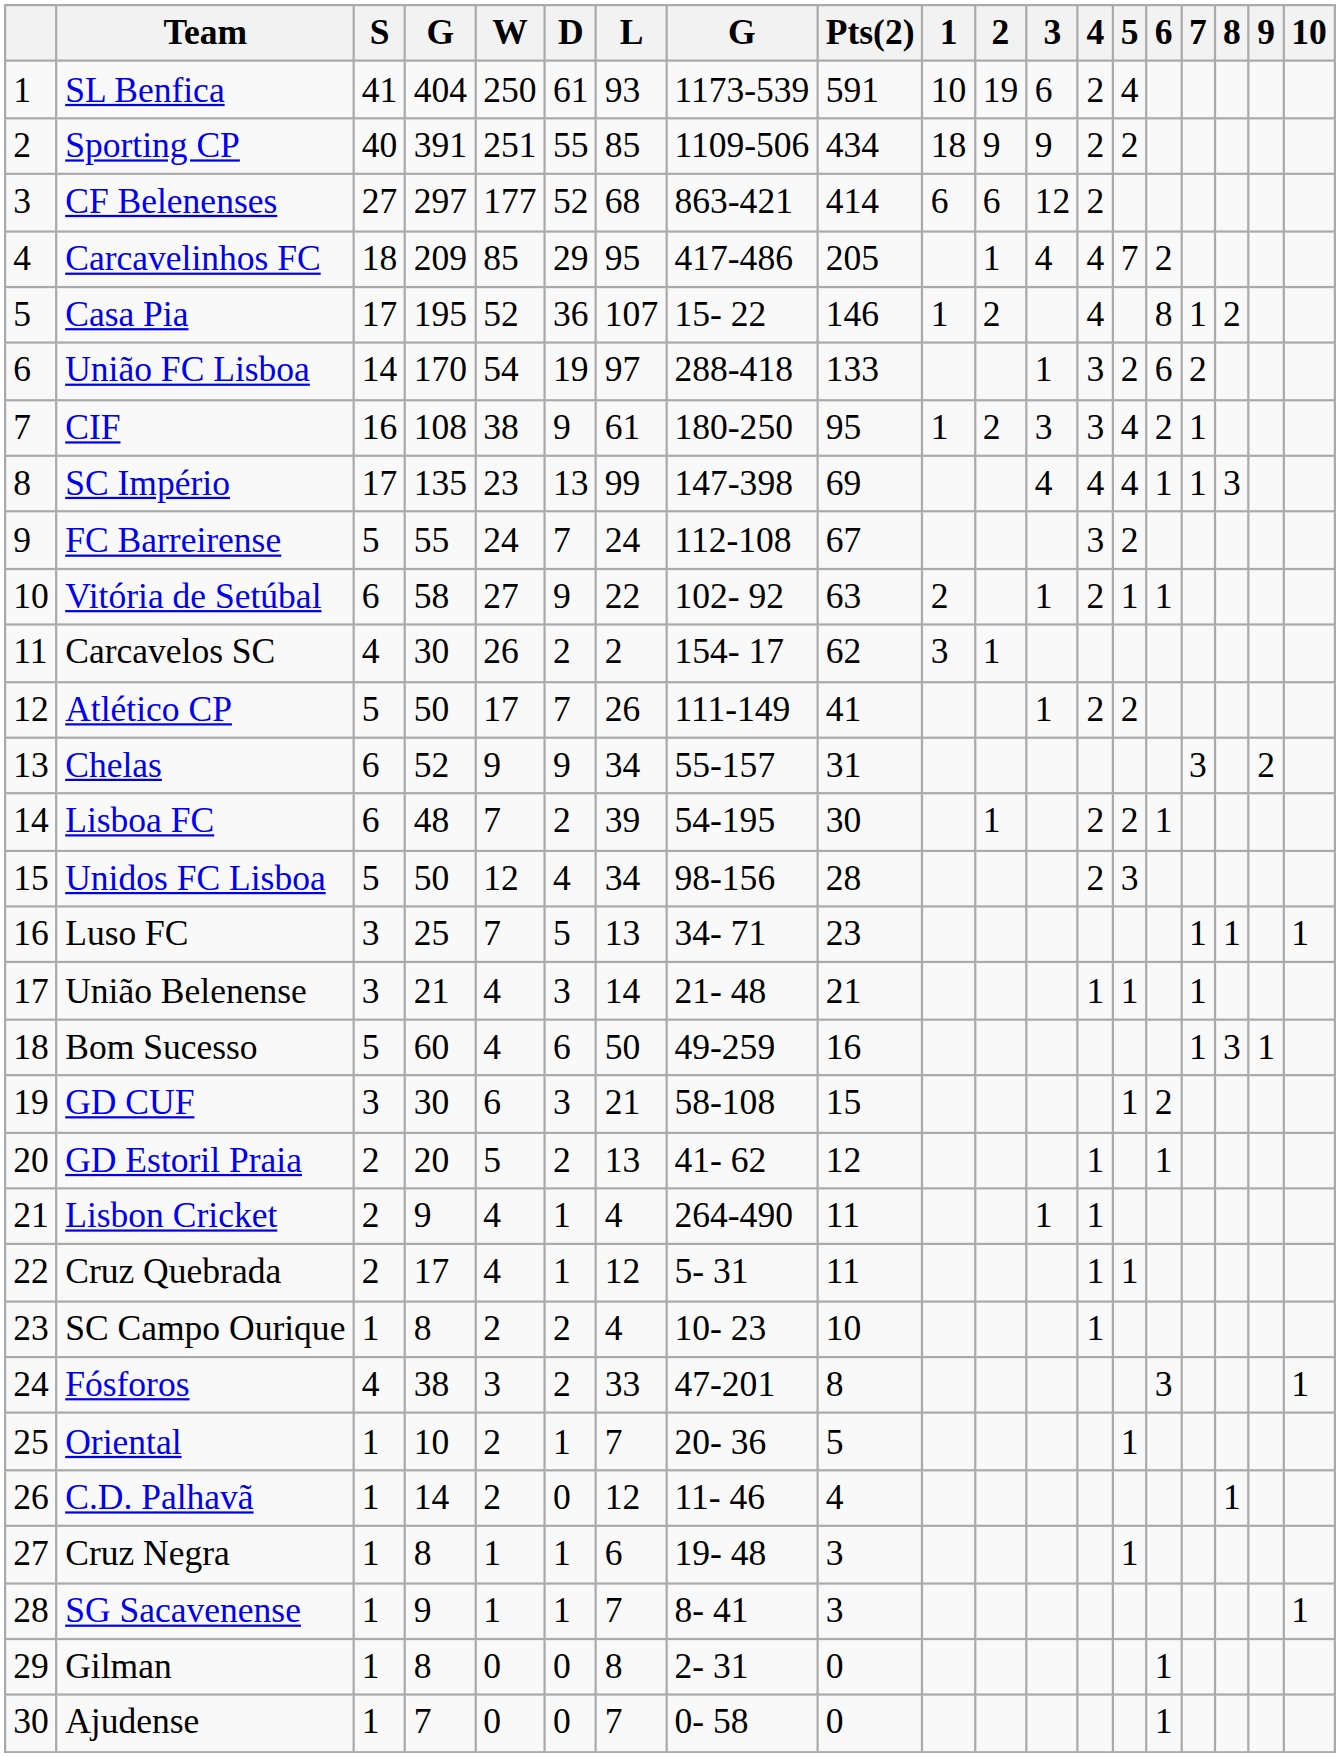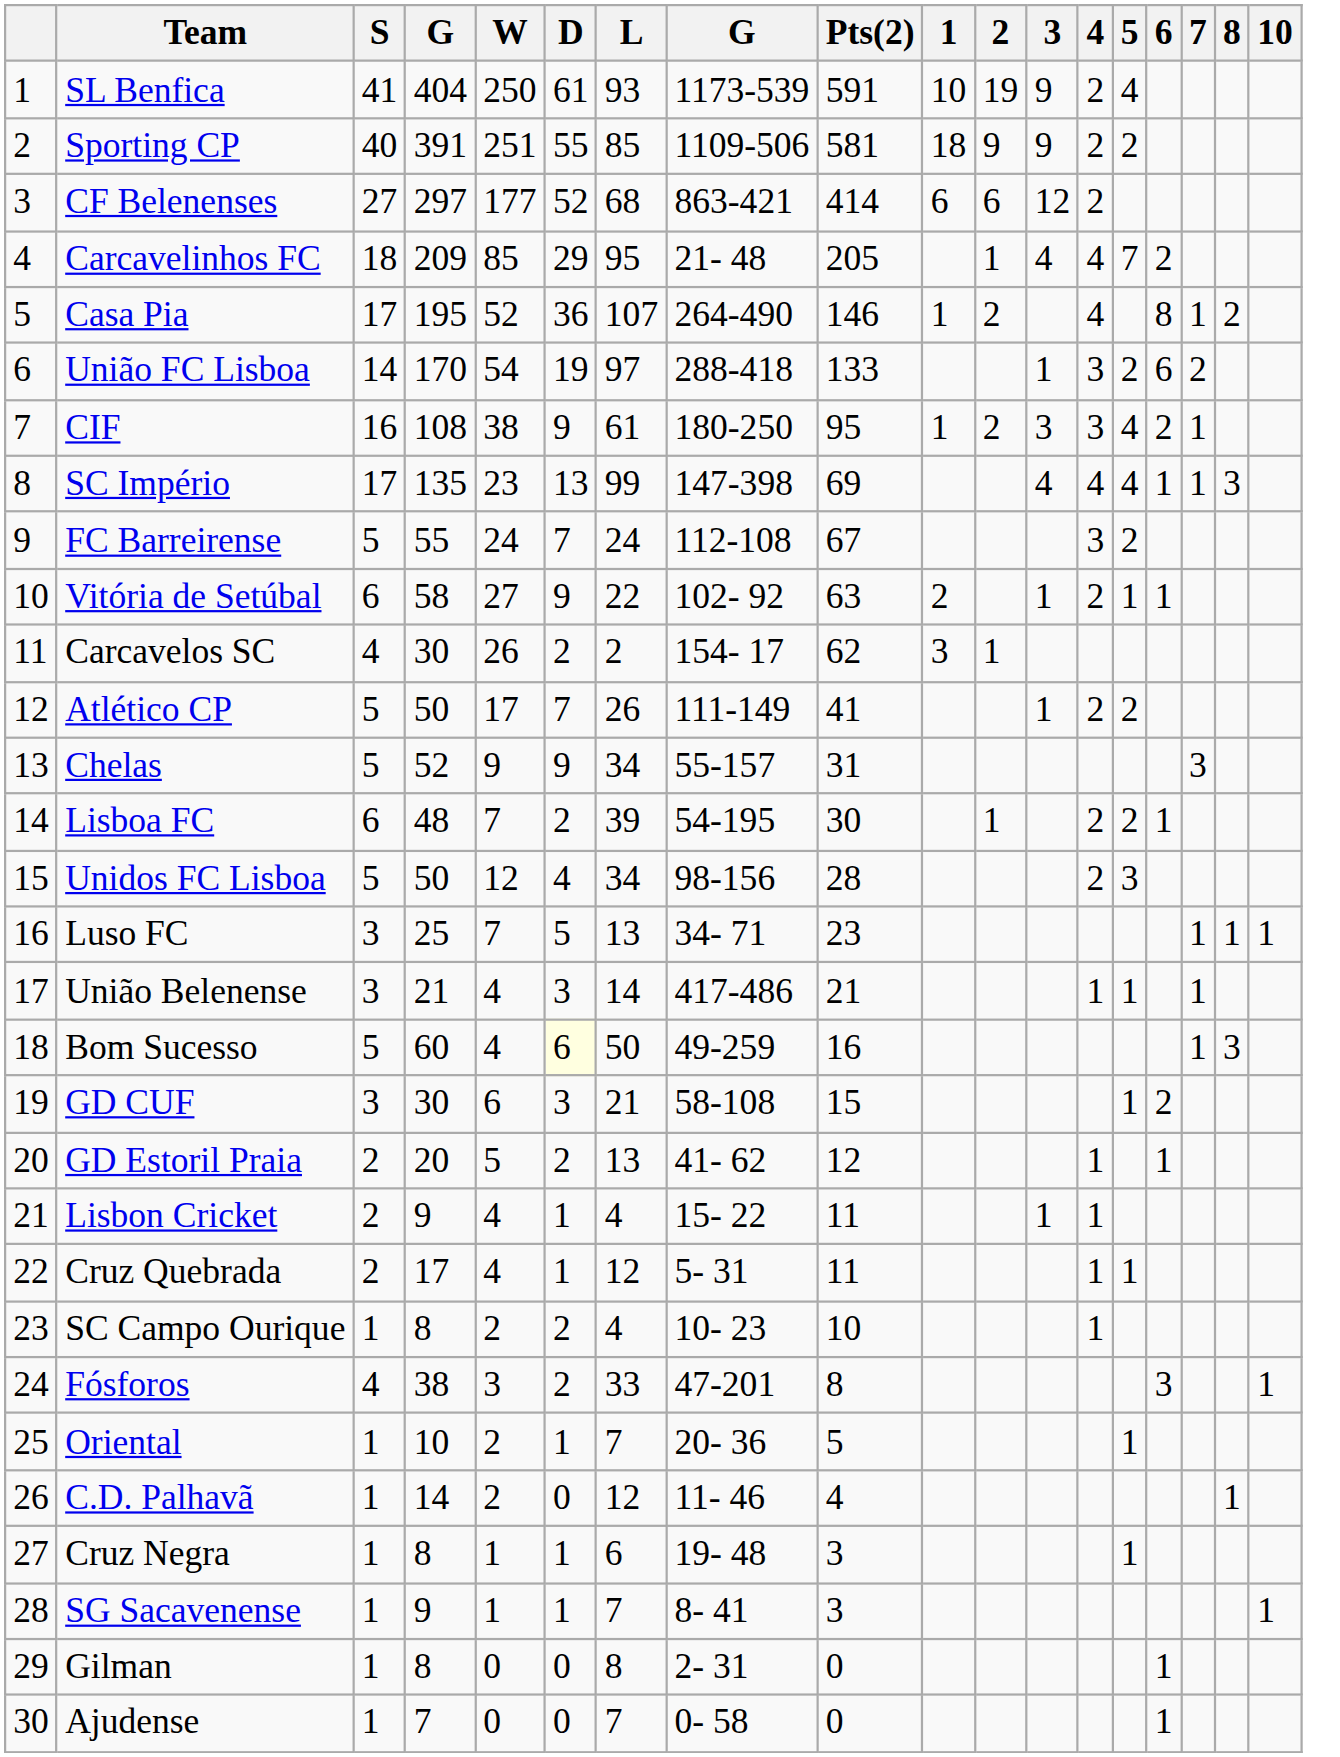 <table class="wikitable">
 <tr>
 <th></th>
 <th>Team</th>
 <th>S</th>
 <th>G</th>
 <th>W</th>
 <th>D</th>
 <th>L</th>
 <th>G</th>
 <th>Pts(2)</th>
 <th>1</th>
 <th>2</th>
 <th>3</th>
 <th>4</th>
 <th>5</th>
 <th>6</th>
 <th>7</th>
 <th>8</th>
-<th>9</th>
 <th>10</th>
 </tr>
 <tr>
 <td>1</td>
 <td><a href='#'>SL Benfica</a></td>
 <td>41</td>
 <td>404</td>
 <td>250</td>
 <td>61</td>
 <td>93</td>
 <td>1173-539</td>
 <td>591</td>
 <td>10</td>
 <td>19</td>
-<td>6</td>
+<td>9</td>
 <td>2</td>
 <td>4</td>
-<td></td>
 <td></td>
 <td></td>
 <td></td>
 <td></td>
 </tr>
 <tr>
 <td>2</td>
 <td><a href='#'>Sporting CP</a></td>
 <td>40</td>
 <td>391</td>
 <td>251</td>
 <td>55</td>
 <td>85</td>
 <td>1109-506</td>
-<td>434</td>
+<td>581</td>
 <td>18</td>
 <td>9</td>
 <td>9</td>
 <td>2</td>
 <td>2</td>
-<td></td>
 <td></td>
 <td></td>
 <td></td>
 <td></td>
 </tr>
 <tr>
 <td>3</td>
 <td><a href='#'>CF Belenenses</a></td>
 <td>27</td>
 <td>297</td>
 <td>177</td>
 <td>52</td>
 <td>68</td>
 <td>863-421</td>
 <td>414</td>
 <td>6</td>
 <td>6</td>
 <td>12</td>
 <td>2</td>
 <td></td>
 <td></td>
 <td></td>
 <td></td>
 <td></td>
-<td></td>
 </tr>
 <tr>
 <td>4</td>
 <td><a href='#'>Carcavelinhos FC</a></td>
 <td>18</td>
 <td>209</td>
 <td>85</td>
 <td>29</td>
 <td>95</td>
-<td>417-486</td>
+<td>21- 48</td>
 <td>205</td>
 <td></td>
 <td>1</td>
 <td>4</td>
 <td>4</td>
 <td>7</td>
 <td>2</td>
-<td></td>
 <td></td>
 <td></td>
 <td></td>
 </tr>
 <tr>
 <td>5</td>
 <td><a href='#'>Casa Pia</a></td>
 <td>17</td>
 <td>195</td>
 <td>52</td>
 <td>36</td>
 <td>107</td>
-<td>15- 22</td>
+<td>264-490</td>
 <td>146</td>
 <td>1</td>
 <td>2</td>
 <td></td>
 <td>4</td>
 <td></td>
 <td>8</td>
 <td>1</td>
 <td>2</td>
-<td></td>
 <td></td>
 </tr>
 <tr>
 <td>6</td>
 <td><a href='#'>União FC Lisboa</a></td>
 <td>14</td>
 <td>170</td>
 <td>54</td>
 <td>19</td>
 <td>97</td>
 <td>288-418</td>
 <td>133</td>
 <td></td>
 <td></td>
 <td>1</td>
 <td>3</td>
 <td>2</td>
 <td>6</td>
 <td>2</td>
-<td></td>
 <td></td>
 <td></td>
 </tr>
 <tr>
 <td>7</td>
 <td><a href='#'>CIF</a></td>
 <td>16</td>
 <td>108</td>
 <td>38</td>
 <td>9</td>
 <td>61</td>
 <td>180-250</td>
 <td>95</td>
 <td>1</td>
 <td>2</td>
 <td>3</td>
 <td>3</td>
 <td>4</td>
 <td>2</td>
 <td>1</td>
 <td></td>
 <td></td>
-<td></td>
 </tr>
 <tr>
 <td>8</td>
 <td><a href='#'>SC Império</a></td>
 <td>17</td>
 <td>135</td>
 <td>23</td>
 <td>13</td>
 <td>99</td>
 <td>147-398</td>
 <td>69</td>
 <td></td>
 <td></td>
 <td>4</td>
 <td>4</td>
 <td>4</td>
 <td>1</td>
 <td>1</td>
 <td>3</td>
 <td></td>
-<td></td>
 </tr>
 <tr>
 <td>9</td>
 <td><a href='#'>FC Barreirense</a></td>
 <td>5</td>
 <td>55</td>
 <td>24</td>
 <td>7</td>
 <td>24</td>
 <td>112-108</td>
 <td>67</td>
 <td></td>
 <td></td>
 <td></td>
 <td>3</td>
 <td>2</td>
-<td></td>
 <td></td>
 <td></td>
 <td></td>
 <td></td>
 </tr>
 <tr>
 <td>10</td>
 <td><a href='#'>Vitória de Setúbal</a></td>
 <td>6</td>
 <td>58</td>
 <td>27</td>
 <td>9</td>
 <td>22</td>
 <td>102- 92</td>
 <td>63</td>
 <td>2</td>
 <td></td>
 <td>1</td>
 <td>2</td>
 <td>1</td>
 <td>1</td>
 <td></td>
 <td></td>
 <td></td>
-<td></td>
 </tr>
 <tr>
 <td>11</td>
 <td>Carcavelos SC</td>
 <td>4</td>
 <td>30</td>
 <td>26</td>
 <td>2</td>
 <td>2</td>
 <td>154- 17</td>
 <td>62</td>
 <td>3</td>
 <td>1</td>
-<td></td>
 <td></td>
 <td></td>
 <td></td>
 <td></td>
 <td></td>
 <td></td>
 <td></td>
 </tr>
 <tr>
 <td>12</td>
 <td><a href='#'>Atlético CP</a></td>
 <td>5</td>
 <td>50</td>
 <td>17</td>
 <td>7</td>
 <td>26</td>
 <td>111-149</td>
 <td>41</td>
 <td></td>
 <td></td>
 <td>1</td>
 <td>2</td>
 <td>2</td>
 <td></td>
 <td></td>
 <td></td>
 <td></td>
-<td></td>
 </tr>
 <tr>
 <td>13</td>
 <td><a href='#'>Chelas</a></td>
-<td>6</td>
+<td>5</td>
 <td>52</td>
 <td>9</td>
 <td>9</td>
 <td>34</td>
 <td>55-157</td>
 <td>31</td>
 <td></td>
 <td></td>
 <td></td>
 <td></td>
 <td></td>
 <td></td>
 <td>3</td>
 <td></td>
-<td>2</td>
 <td></td>
 </tr>
 <tr>
 <td>14</td>
 <td><a href='#'>Lisboa FC</a></td>
 <td>6</td>
 <td>48</td>
 <td>7</td>
 <td>2</td>
 <td>39</td>
 <td>54-195</td>
 <td>30</td>
 <td></td>
 <td>1</td>
 <td></td>
 <td>2</td>
 <td>2</td>
 <td>1</td>
-<td></td>
 <td></td>
 <td></td>
 <td></td>
 </tr>
 <tr>
 <td>15</td>
 <td><a href='#'>Unidos FC Lisboa</a></td>
 <td>5</td>
 <td>50</td>
 <td>12</td>
 <td>4</td>
 <td>34</td>
 <td>98-156</td>
 <td>28</td>
 <td></td>
 <td></td>
 <td></td>
 <td>2</td>
 <td>3</td>
 <td></td>
 <td></td>
 <td></td>
 <td></td>
-<td></td>
 </tr>
 <tr>
 <td>16</td>
 <td>Luso FC</td>
 <td>3</td>
 <td>25</td>
 <td>7</td>
 <td>5</td>
 <td>13</td>
 <td>34- 71</td>
 <td>23</td>
 <td></td>
 <td></td>
 <td></td>
 <td></td>
 <td></td>
 <td></td>
 <td>1</td>
 <td>1</td>
-<td></td>
 <td>1</td>
 </tr>
 <tr>
 <td>17</td>
 <td>União Belenense</td>
 <td>3</td>
 <td>21</td>
 <td>4</td>
 <td>3</td>
 <td>14</td>
-<td>21- 48</td>
+<td>417-486</td>
 <td>21</td>
 <td></td>
 <td></td>
 <td></td>
 <td>1</td>
 <td>1</td>
 <td></td>
 <td>1</td>
 <td></td>
 <td></td>
-<td></td>
 </tr>
 <tr>
 <td>18</td>
 <td>Bom Sucesso</td>
 <td>5</td>
 <td>60</td>
 <td>4</td>
-<td>6</td>
+<td style="background: lightyellow;">6</td>
 <td>50</td>
 <td>49-259</td>
 <td>16</td>
 <td></td>
 <td></td>
 <td></td>
 <td></td>
 <td></td>
 <td></td>
 <td>1</td>
 <td>3</td>
-<td>1</td>
 <td></td>
 </tr>
 <tr>
 <td>19</td>
 <td><a href='#'>GD CUF</a></td>
 <td>3</td>
 <td>30</td>
 <td>6</td>
 <td>3</td>
 <td>21</td>
 <td>58-108</td>
 <td>15</td>
 <td></td>
 <td></td>
 <td></td>
 <td></td>
 <td>1</td>
 <td>2</td>
-<td></td>
 <td></td>
 <td></td>
 <td></td>
 </tr>
 <tr>
 <td>20</td>
 <td><a href='#'>GD Estoril Praia</a></td>
 <td>2</td>
 <td>20</td>
 <td>5</td>
 <td>2</td>
 <td>13</td>
 <td>41- 62</td>
 <td>12</td>
 <td></td>
 <td></td>
 <td></td>
 <td>1</td>
 <td></td>
 <td>1</td>
 <td></td>
 <td></td>
 <td></td>
-<td></td>
 </tr>
 <tr>
 <td>21</td>
 <td><a href='#'>Lisbon Cricket</a></td>
 <td>2</td>
 <td>9</td>
 <td>4</td>
 <td>1</td>
 <td>4</td>
-<td>264-490</td>
+<td>15- 22</td>
 <td>11</td>
 <td></td>
 <td></td>
 <td>1</td>
 <td>1</td>
-<td></td>
 <td></td>
 <td></td>
 <td></td>
 <td></td>
 <td></td>
 </tr>
 <tr>
 <td>22</td>
 <td>Cruz Quebrada</td>
 <td>2</td>
 <td>17</td>
 <td>4</td>
 <td>1</td>
 <td>12</td>
 <td>5- 31</td>
 <td>11</td>
 <td></td>
 <td></td>
 <td></td>
 <td>1</td>
 <td>1</td>
 <td></td>
 <td></td>
 <td></td>
 <td></td>
-<td></td>
 </tr>
 <tr>
 <td>23</td>
 <td>SC Campo Ourique</td>
 <td>1</td>
 <td>8</td>
 <td>2</td>
 <td>2</td>
 <td>4</td>
 <td>10- 23</td>
 <td>10</td>
 <td></td>
 <td></td>
 <td></td>
 <td>1</td>
-<td></td>
 <td></td>
 <td></td>
 <td></td>
 <td></td>
 <td></td>
 </tr>
 <tr>
 <td>24</td>
 <td><a href='#'>Fósforos</a></td>
 <td>4</td>
 <td>38</td>
 <td>3</td>
 <td>2</td>
 <td>33</td>
 <td>47-201</td>
 <td>8</td>
 <td></td>
 <td></td>
 <td></td>
 <td></td>
 <td></td>
 <td>3</td>
 <td></td>
 <td></td>
-<td></td>
 <td>1</td>
 </tr>
 <tr>
 <td>25</td>
 <td><a href='#'>Oriental</a></td>
 <td>1</td>
 <td>10</td>
 <td>2</td>
 <td>1</td>
 <td>7</td>
 <td>20- 36</td>
 <td>5</td>
 <td></td>
 <td></td>
 <td></td>
 <td></td>
 <td>1</td>
-<td></td>
 <td></td>
 <td></td>
 <td></td>
 <td></td>
 </tr>
 <tr>
 <td>26</td>
 <td><a href='#'>C.D. Palhavã</a></td>
 <td>1</td>
 <td>14</td>
 <td>2</td>
 <td>0</td>
 <td>12</td>
 <td>11- 46</td>
 <td>4</td>
 <td></td>
 <td></td>
 <td></td>
 <td></td>
 <td></td>
 <td></td>
 <td></td>
 <td>1</td>
 <td></td>
-<td></td>
 </tr>
 <tr>
 <td>27</td>
 <td>Cruz Negra</td>
 <td>1</td>
 <td>8</td>
 <td>1</td>
 <td>1</td>
 <td>6</td>
 <td>19- 48</td>
 <td>3</td>
 <td></td>
 <td></td>
 <td></td>
 <td></td>
 <td>1</td>
 <td></td>
 <td></td>
 <td></td>
 <td></td>
-<td></td>
 </tr>
 <tr>
 <td>28</td>
 <td><a href='#'>SG Sacavenense</a></td>
 <td>1</td>
 <td>9</td>
 <td>1</td>
 <td>1</td>
 <td>7</td>
 <td>8- 41</td>
 <td>3</td>
-<td></td>
 <td></td>
 <td></td>
 <td></td>
 <td></td>
 <td></td>
 <td></td>
 <td></td>
 <td></td>
 <td>1</td>
 </tr>
 <tr>
 <td>29</td>
 <td>Gilman</td>
 <td>1</td>
 <td>8</td>
 <td>0</td>
 <td>0</td>
 <td>8</td>
 <td>2- 31</td>
 <td>0</td>
 <td></td>
 <td></td>
 <td></td>
 <td></td>
 <td></td>
 <td>1</td>
 <td></td>
 <td></td>
 <td></td>
-<td></td>
 </tr>
 <tr>
 <td>30</td>
 <td>Ajudense</td>
 <td>1</td>
 <td>7</td>
 <td>0</td>
 <td>0</td>
 <td>7</td>
 <td>0- 58</td>
 <td>0</td>
 <td></td>
 <td></td>
 <td></td>
 <td></td>
 <td></td>
 <td>1</td>
 <td></td>
 <td></td>
 <td></td>
-<td></td>
 </tr>
 </table>
